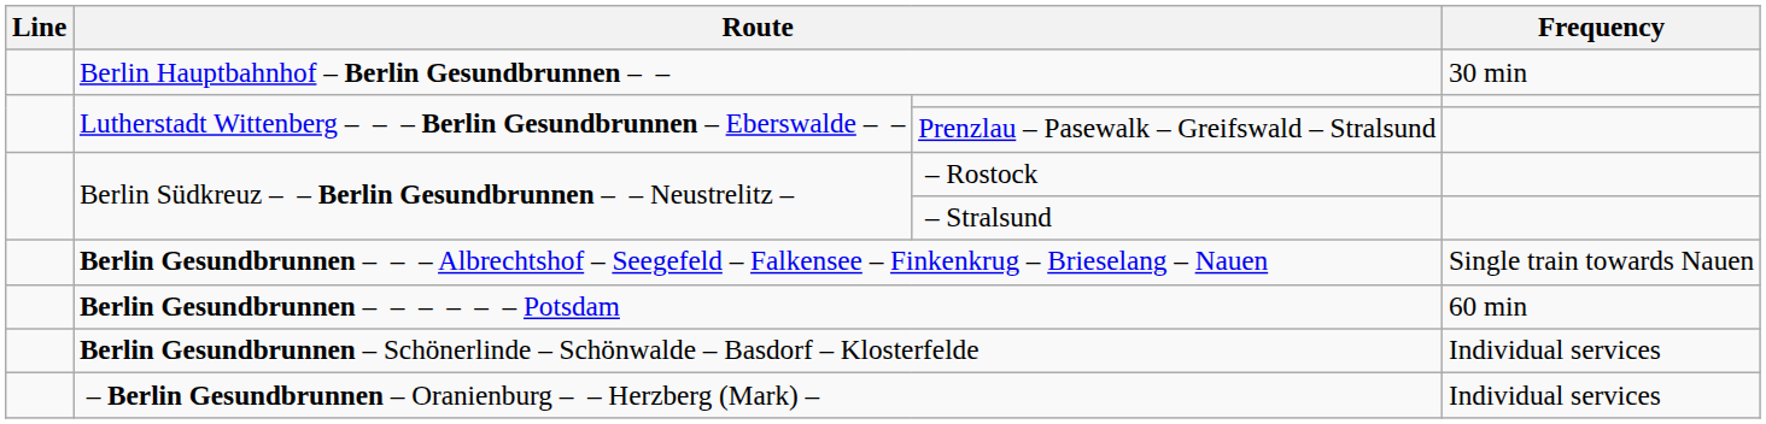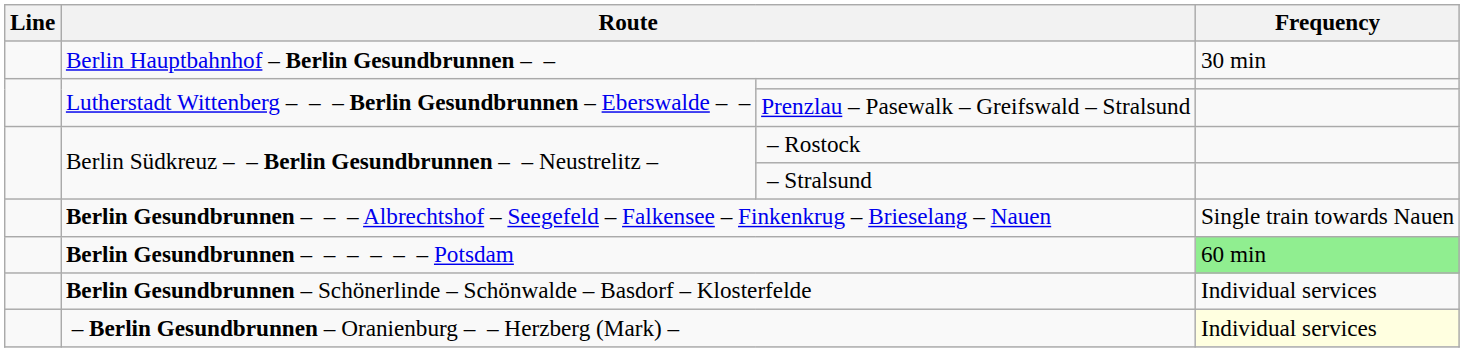 <table class="wikitable zebra">
 <tr>
 <th>Line</th>
 <th colspan="2">Route</th>
 <th>Frequency</th>
 </tr>
 <tr>
 <td style="text-align:center"></td>
 <td colspan="2"><a href='#'>Berlin Hauptbahnhof</a> – <strong>Berlin Gesundbrunnen</strong> –  – </td>
 <td>30 min</td>
 </tr>
 <tr>
 <td style="text-align:center" rowspan="2"></td>
 <td rowspan="2"><a href='#'>Lutherstadt Wittenberg</a> –  –  – <strong>Berlin Gesundbrunnen</strong> – <a href='#'>Eberswalde</a> –  –</td>
 <td></td>
 <td></td>
 </tr>
 <tr>
 <td><a href='#'>Prenzlau</a> – Pasewalk – Greifswald – Stralsund</td>
 <td></td>
 </tr>
 <tr>
 <td style="text-align:center" rowspan="2"></td>
 <td rowspan="2">Berlin Südkreuz –  – <strong>Berlin Gesundbrunnen</strong> –  – Neustrelitz –</td>
 <td> – Rostock</td>
 <td></td>
 </tr>
 <tr>
 <td> – Stralsund</td>
 <td></td>
 </tr>
 <tr>
 <td></td>
 <td colspan="2"><strong>Berlin Gesundbrunnen</strong> –  –  – <a href='#'>Albrechtshof</a> – <a href='#'>Seegefeld</a> – <a href='#'>Falkensee</a> – <a href='#'>Finkenkrug</a> – <a href='#'>Brieselang</a> – <a href='#'>Nauen</a></td>
 <td>Single train towards Nauen</td>
 </tr>
 <tr>
 <td style="text-align:center"></td>
 <td colspan="2"><strong>Berlin Gesundbrunnen</strong> –  –  –  –  –  – <a href='#'>Potsdam</a></td>
-<td>60 min</td>
+<td style="background: lightgreen;">60 min</td>
 </tr>
 <tr>
 <td style="text-align:center"></td>
 <td colspan="2"><strong>Berlin Gesundbrunnen</strong> – Schönerlinde – Schönwalde – Basdorf – Klosterfelde</td>
 <td>Individual services</td>
 </tr>
 <tr>
 <td style="text-align:center"></td>
 <td colspan="2"> – <strong>Berlin Gesundbrunnen</strong> – Oranienburg –  – Herzberg (Mark) – </td>
-<td>Individual services</td>
+<td style="background: lightyellow;">Individual services</td>
 </tr>
 </table>
